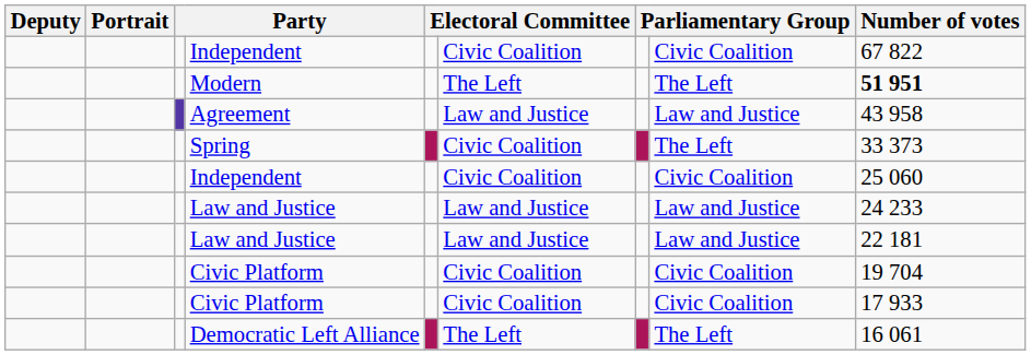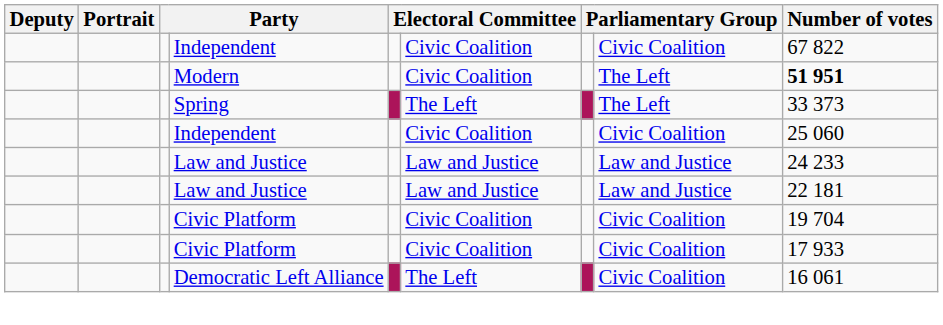 <table class="wikitable sortable" style="font-size:95%;line-height:14px;">
 <tr>
 <th>Deputy</th>
 <th>Portrait</th>
 <th colspan="2">Party</th>
 <th colspan="2">Electoral Committee</th>
 <th colspan="2">Parliamentary Group</th>
 <th>Number of votes</th>
 </tr>
 <tr>
 <td></td>
 <td></td>
 <td style="background:"></td>
 <td><a href='#'>Independent</a></td>
 <td style="background:"></td>
 <td><a href='#'>Civic Coalition</a></td>
 <td style="background:"></td>
 <td><a href='#'>Civic Coalition</a></td>
 <td>67 822</td>
 </tr>
 <tr>
 <td></td>
 <td></td>
 <td style="background:"></td>
 <td><a href='#'>Modern</a></td>
 <td style="background:"></td>
-<td><a href='#'>The Left</a></td>
+<td><a href='#'>Civic Coalition</a></td>
 <td style="background:"></td>
 <td><a href='#'>The Left</a></td>
 <td><strong>51 951</strong></td>
 </tr>
 <tr>
 <td></td>
 <td></td>
-<td style="background:#5234A5;"></td>
-<td><a href='#'>Agreement</a></td>
-<td style="background:"></td>
-<td><a href='#'>Law and Justice</a></td>
-<td style="background:"></td>
-<td><a href='#'>Law and Justice</a></td>
-<td>43 958</td>
-</tr>
-<tr>
-<td></td>
-<td></td>
 <td style="background:"></td>
 <td><a href='#'>Spring</a></td>
 <td style="background:#AC145A;"></td>
-<td><a href='#'>Civic Coalition</a></td>
+<td><a href='#'>The Left</a></td>
 <td style="background:#AC145A;"></td>
 <td><a href='#'>The Left</a></td>
 <td>33 373</td>
 </tr>
 <tr>
 <td></td>
 <td></td>
 <td style="background:"></td>
 <td><a href='#'>Independent</a></td>
 <td style="background:"></td>
 <td><a href='#'>Civic Coalition</a></td>
 <td style="background:"></td>
 <td><a href='#'>Civic Coalition</a></td>
 <td>25 060</td>
 </tr>
 <tr>
 <td></td>
 <td></td>
 <td style="background:"></td>
 <td><a href='#'>Law and Justice</a></td>
 <td style="background:"></td>
 <td><a href='#'>Law and Justice</a></td>
 <td style="background:"></td>
 <td><a href='#'>Law and Justice</a></td>
 <td>24 233</td>
 </tr>
 <tr>
 <td></td>
 <td></td>
 <td style="background:"></td>
 <td><a href='#'>Law and Justice</a></td>
 <td style="background:"></td>
 <td><a href='#'>Law and Justice</a></td>
 <td style="background:"></td>
 <td><a href='#'>Law and Justice</a></td>
 <td>22 181</td>
 </tr>
 <tr>
 <td></td>
 <td></td>
 <td style="background:"></td>
 <td><a href='#'>Civic Platform</a></td>
 <td style="background:"></td>
 <td><a href='#'>Civic Coalition</a></td>
 <td style="background:"></td>
 <td><a href='#'>Civic Coalition</a></td>
 <td>19 704</td>
 </tr>
 <tr>
 <td></td>
 <td></td>
 <td style="background:"></td>
 <td><a href='#'>Civic Platform</a></td>
 <td style="background:"></td>
 <td><a href='#'>Civic Coalition</a></td>
 <td style="background:"></td>
 <td><a href='#'>Civic Coalition</a></td>
 <td>17 933</td>
 </tr>
 <tr>
 <td></td>
 <td></td>
 <td style="background:"></td>
 <td><a href='#'>Democratic Left Alliance</a></td>
 <td style="background:#AC145A;"></td>
 <td><a href='#'>The Left</a></td>
 <td style="background:#AC145A;"></td>
-<td><a href='#'>The Left</a></td>
+<td><a href='#'>Civic Coalition</a></td>
 <td>16 061</td>
 </tr>
 </table>
